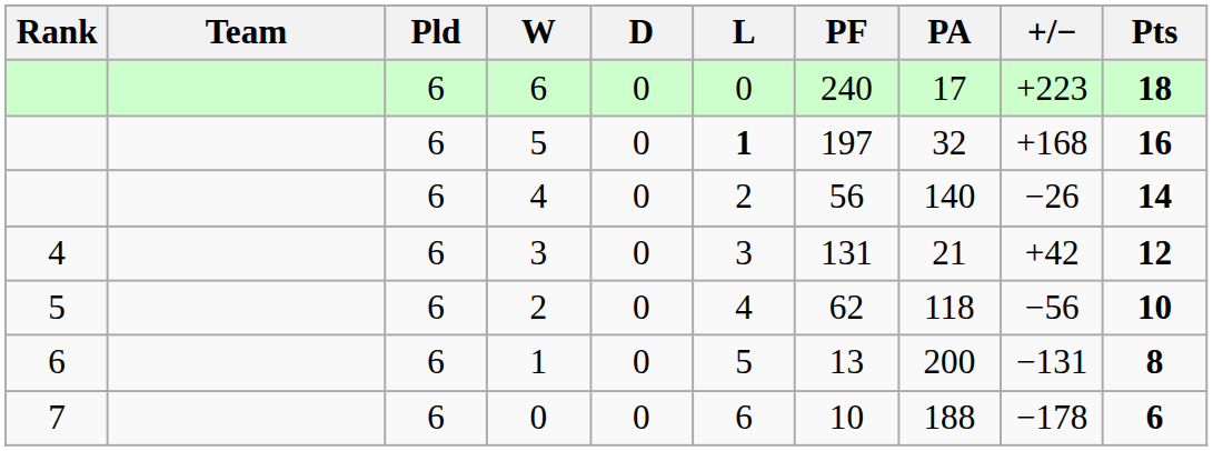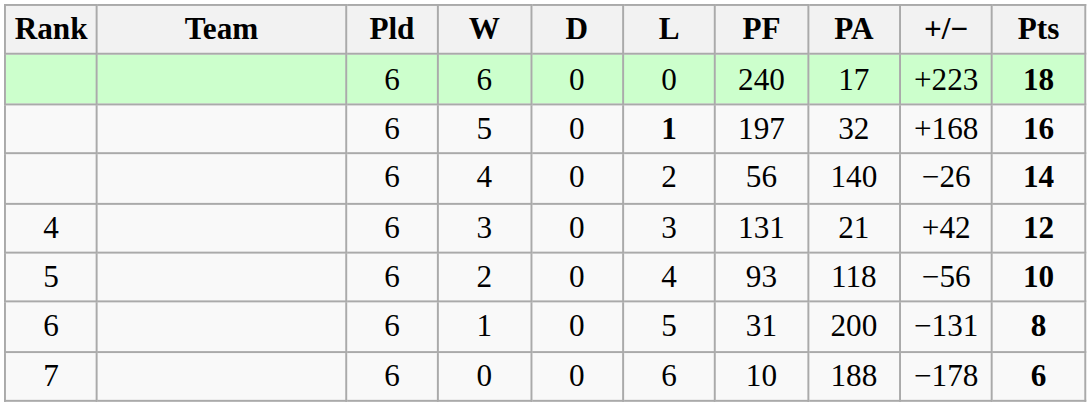 <table class="wikitable" style="text-align: center;">
 <tr>
 <th width=40>Rank</th>
 <th width=120>Team</th>
 <th width="40">Pld</th>
 <th width="40">W</th>
 <th width="40">D</th>
 <th width="40">L</th>
 <th width="40">PF</th>
 <th width="40">PA</th>
 <th width="40">+/−</th>
 <th width="40">Pts</th>
 </tr>
 <tr bgcolor=ccffcc>
 <td></td>
 <td align=left></td>
 <td>6</td>
 <td>6</td>
 <td>0</td>
 <td>0</td>
 <td>240</td>
 <td>17</td>
 <td>+223</td>
 <td><strong>18</strong></td>
 </tr>
 <tr>
 <td></td>
 <td align=left></td>
 <td>6</td>
 <td>5</td>
 <td>0</td>
 <td><strong>1</strong></td>
 <td>197</td>
 <td>32</td>
 <td>+168</td>
 <td><strong>16</strong></td>
 </tr>
 <tr>
 <td></td>
 <td align=left></td>
 <td>6</td>
 <td>4</td>
 <td>0</td>
 <td>2</td>
 <td>56</td>
 <td>140</td>
 <td>−26</td>
 <td><strong>14</strong></td>
 </tr>
 <tr>
 <td>4</td>
 <td align=left></td>
 <td>6</td>
 <td>3</td>
 <td>0</td>
 <td>3</td>
 <td>131</td>
 <td>21</td>
 <td>+42</td>
 <td><strong>12</strong></td>
 </tr>
 <tr>
 <td>5</td>
 <td align=left></td>
 <td>6</td>
 <td>2</td>
 <td>0</td>
 <td>4</td>
-<td>62</td>
+<td>93</td>
 <td>118</td>
 <td>−56</td>
 <td><strong>10</strong></td>
 </tr>
 <tr>
 <td>6</td>
 <td align=left></td>
 <td>6</td>
 <td>1</td>
 <td>0</td>
 <td>5</td>
-<td>13</td>
+<td>31</td>
 <td>200</td>
 <td>−131</td>
 <td><strong>8</strong></td>
 </tr>
 <tr>
 <td>7</td>
 <td align=left></td>
 <td>6</td>
 <td>0</td>
 <td>0</td>
 <td>6</td>
 <td>10</td>
 <td>188</td>
 <td>−178</td>
 <td><strong>6</strong></td>
 </tr>
 </table>
